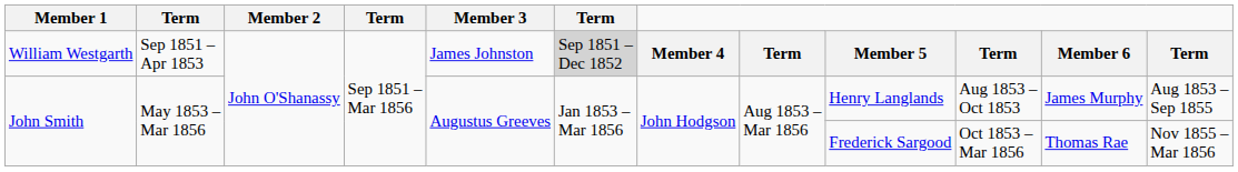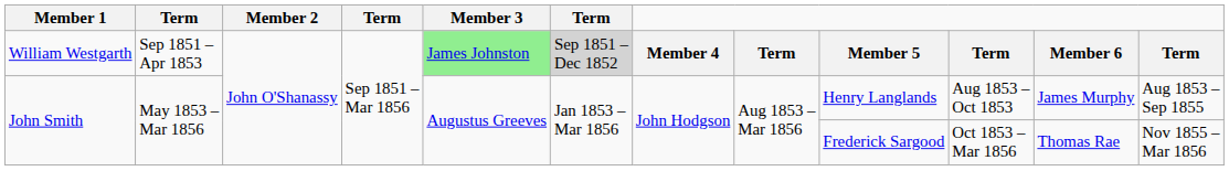 <table class="wikitable">
 <tr>
 <th>Member 1</th>
 <th>Term</th>
 <th>Member 2</th>
 <th>Term</th>
 <th>Member 3</th>
 <th>Term</th>
 </tr>
 <tr>
 <td><a href='#'>William Westgarth</a></td>
 <td>Sep 1851 –<br>Apr 1853</td>
 <td rowspan = "3"><a href='#'>John O'Shanassy</a></td>
 <td rowspan = "3">Sep 1851 –<br>Mar 1856</td>
-<td><a href='#'>James Johnston</a></td>
+<td style="background: lightgreen;"><a href='#'>James Johnston</a></td>
 <td style="background: lightgrey;">Sep 1851 –<br>Dec 1852</td>
 <th>Member 4</th>
 <th>Term</th>
 <th>Member 5</th>
 <th>Term</th>
 <th>Member 6</th>
 <th>Term</th>
 </tr>
 <tr>
 <td rowspan = "2"><a href='#'>John Smith</a></td>
 <td rowspan = "2">May 1853 –<br>Mar 1856</td>
 <td rowspan = "2"><a href='#'>Augustus Greeves</a></td>
 <td rowspan = "2">Jan 1853 –<br>Mar 1856</td>
 <td rowspan = "2"><a href='#'>John Hodgson</a></td>
 <td rowspan = "2">Aug 1853 –<br>Mar 1856</td>
 <td><a href='#'>Henry Langlands</a></td>
 <td>Aug 1853 –<br>Oct 1853</td>
 <td><a href='#'>James Murphy</a></td>
 <td>Aug 1853 –<br>Sep 1855</td>
 </tr>
 <tr>
 <td><a href='#'>Frederick Sargood</a></td>
 <td>Oct 1853 –<br>Mar 1856</td>
 <td><a href='#'>Thomas Rae</a></td>
 <td>Nov 1855 –<br>Mar 1856</td>
 </tr>
 </table>
